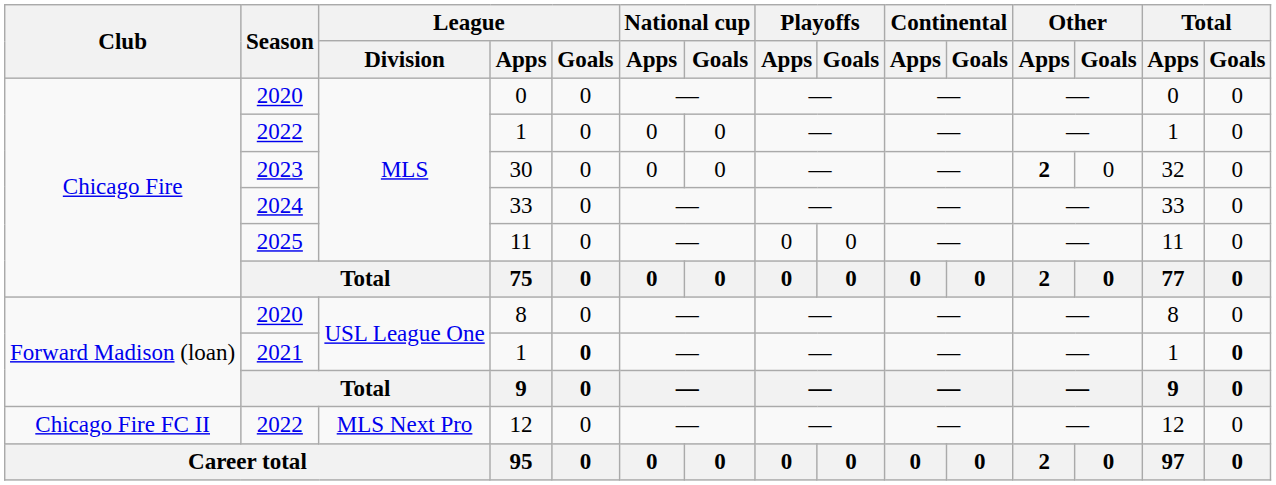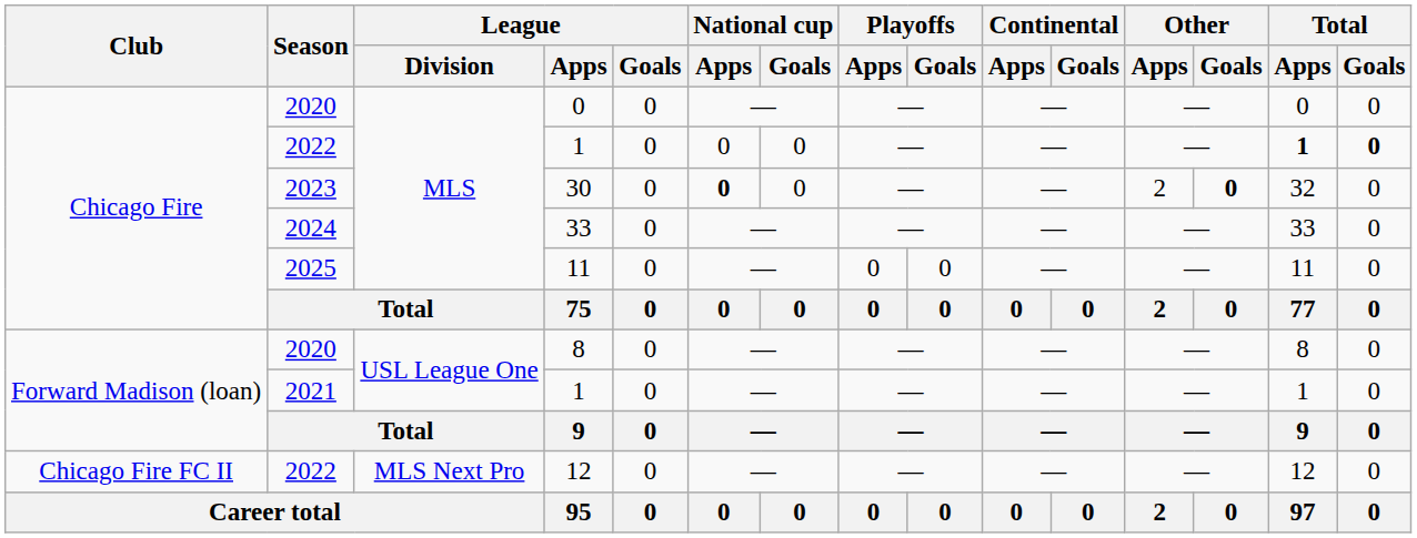 <table class=wikitable style=text-align:center>
 <tr>
 <th rowspan=2>Club</th>
 <th rowspan=2>Season</th>
 <th colspan=3>League</th>
 <th colspan=2>National cup</th>
 <th colspan=2>Playoffs</th>
 <th colspan=2>Continental</th>
 <th colspan=2>Other</th>
 <th colspan=2>Total</th>
 </tr>
 <tr>
 <th>Division</th>
 <th>Apps</th>
 <th>Goals</th>
 <th>Apps</th>
 <th>Goals</th>
 <th>Apps</th>
 <th>Goals</th>
 <th>Apps</th>
 <th>Goals</th>
 <th>Apps</th>
 <th>Goals</th>
 <th>Apps</th>
 <th>Goals</th>
 </tr>
 <tr>
 <td rowspan=6><a href='#'>Chicago Fire</a></td>
 <td><a href='#'>2020</a></td>
 <td rowspan=5><a href='#'>MLS</a></td>
 <td>0</td>
 <td>0</td>
 <td colspan="2">—</td>
 <td colspan="2">—</td>
 <td colspan="2">—</td>
 <td colspan="2">—</td>
 <td>0</td>
 <td>0</td>
 </tr>
 <tr>
 <td><a href='#'>2022</a></td>
 <td>1</td>
 <td>0</td>
 <td>0</td>
 <td>0</td>
 <td colspan="2">—</td>
 <td colspan="2">—</td>
 <td colspan="2">—</td>
-<td>1</td>
-<td>0</td>
+<td><strong>1</strong></td>
+<td><strong>0</strong></td>
 </tr>
 <tr>
 <td><a href='#'>2023</a></td>
 <td>30</td>
 <td>0</td>
-<td>0</td>
+<td><strong>0</strong></td>
 <td>0</td>
 <td colspan="2">—</td>
 <td colspan="2">—</td>
-<td><strong>2</strong></td>
-<td>0</td>
+<td>2</td>
+<td><strong>0</strong></td>
 <td>32</td>
 <td>0</td>
 </tr>
 <tr>
 <td><a href='#'>2024</a></td>
 <td>33</td>
 <td>0</td>
 <td colspan="2">—</td>
 <td colspan="2">—</td>
 <td colspan="2">—</td>
 <td colspan="2">—</td>
 <td>33</td>
 <td>0</td>
 </tr>
 <tr>
 <td><a href='#'>2025</a></td>
 <td>11</td>
 <td>0</td>
 <td colspan="2">—</td>
 <td>0</td>
 <td>0</td>
 <td colspan="2">—</td>
 <td colspan="2">—</td>
 <td>11</td>
 <td>0</td>
 </tr>
 <tr>
 <th colspan=2>Total</th>
 <th>75</th>
 <th>0</th>
 <th>0</th>
 <th>0</th>
 <th>0</th>
 <th>0</th>
 <th>0</th>
 <th>0</th>
 <th>2</th>
 <th>0</th>
 <th>77</th>
 <th>0</th>
 </tr>
 <tr>
 <td rowspan=3><a href='#'>Forward Madison</a> (loan)</td>
 <td><a href='#'>2020</a></td>
 <td rowspan=2><a href='#'>USL League One</a></td>
 <td>8</td>
 <td>0</td>
 <td colspan="2">—</td>
 <td colspan="2">—</td>
 <td colspan="2">—</td>
 <td colspan="2">—</td>
 <td>8</td>
 <td>0</td>
 </tr>
 <tr>
 <td><a href='#'>2021</a></td>
 <td>1</td>
-<td><strong>0</strong></td>
+<td>0</td>
 <td colspan="2">—</td>
 <td colspan="2">—</td>
 <td colspan="2">—</td>
 <td colspan="2">—</td>
 <td>1</td>
-<td><strong>0</strong></td>
+<td>0</td>
 </tr>
 <tr>
 <th colspan=2>Total</th>
 <th>9</th>
 <th>0</th>
 <th colspan="2">—</th>
 <th colspan="2">—</th>
 <th colspan="2">—</th>
 <th colspan="2">—</th>
 <th>9</th>
 <th>0</th>
 </tr>
 <tr>
 <td><a href='#'>Chicago Fire FC II</a></td>
 <td><a href='#'>2022</a></td>
 <td><a href='#'>MLS Next Pro</a></td>
 <td>12</td>
 <td>0</td>
 <td colspan="2">—</td>
 <td colspan="2">—</td>
 <td colspan="2">—</td>
 <td colspan="2">—</td>
 <td>12</td>
 <td>0</td>
 </tr>
 <tr>
 <th colspan=3>Career total</th>
 <th>95</th>
 <th>0</th>
 <th>0</th>
 <th>0</th>
 <th>0</th>
 <th>0</th>
 <th>0</th>
 <th>0</th>
 <th>2</th>
 <th>0</th>
 <th>97</th>
 <th>0</th>
 </tr>
 </table>
